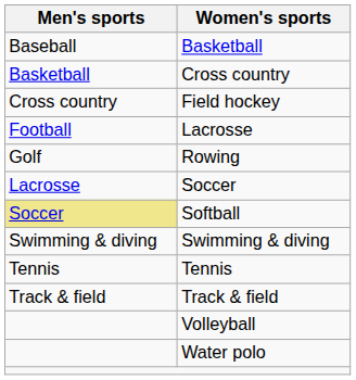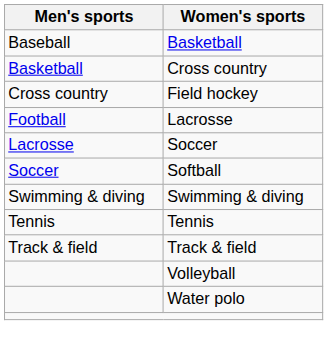 <table class= wikitable>
 <tr>
 <th width=150px>Men's sports</th>
 <th width=150px>Women's sports</th>
 </tr>
 <tr>
 <td>Baseball</td>
 <td><a href='#'>Basketball</a></td>
 </tr>
 <tr>
 <td><a href='#'>Basketball</a></td>
 <td>Cross country</td>
 </tr>
 <tr>
 <td>Cross country</td>
 <td>Field hockey</td>
 </tr>
 <tr>
 <td><a href='#'>Football</a></td>
 <td>Lacrosse</td>
 </tr>
 <tr>
-<td>Golf</td>
-<td>Rowing</td>
-</tr>
-<tr>
 <td><a href='#'>Lacrosse</a></td>
 <td>Soccer</td>
 </tr>
 <tr>
-<td style="background: khaki;"><a href='#'>Soccer</a></td>
+<td><a href='#'>Soccer</a></td>
 <td>Softball</td>
 </tr>
 <tr>
 <td>Swimming & diving</td>
 <td>Swimming & diving</td>
 </tr>
 <tr>
 <td>Tennis</td>
 <td>Tennis</td>
 </tr>
 <tr>
 <td>Track & field</td>
 <td>Track & field</td>
 </tr>
 <tr>
 <td></td>
 <td>Volleyball</td>
 </tr>
 <tr>
 <td></td>
 <td>Water polo</td>
 </tr>
 <tr>
 <td colspan="2"></td>
 </tr>
 </table>
